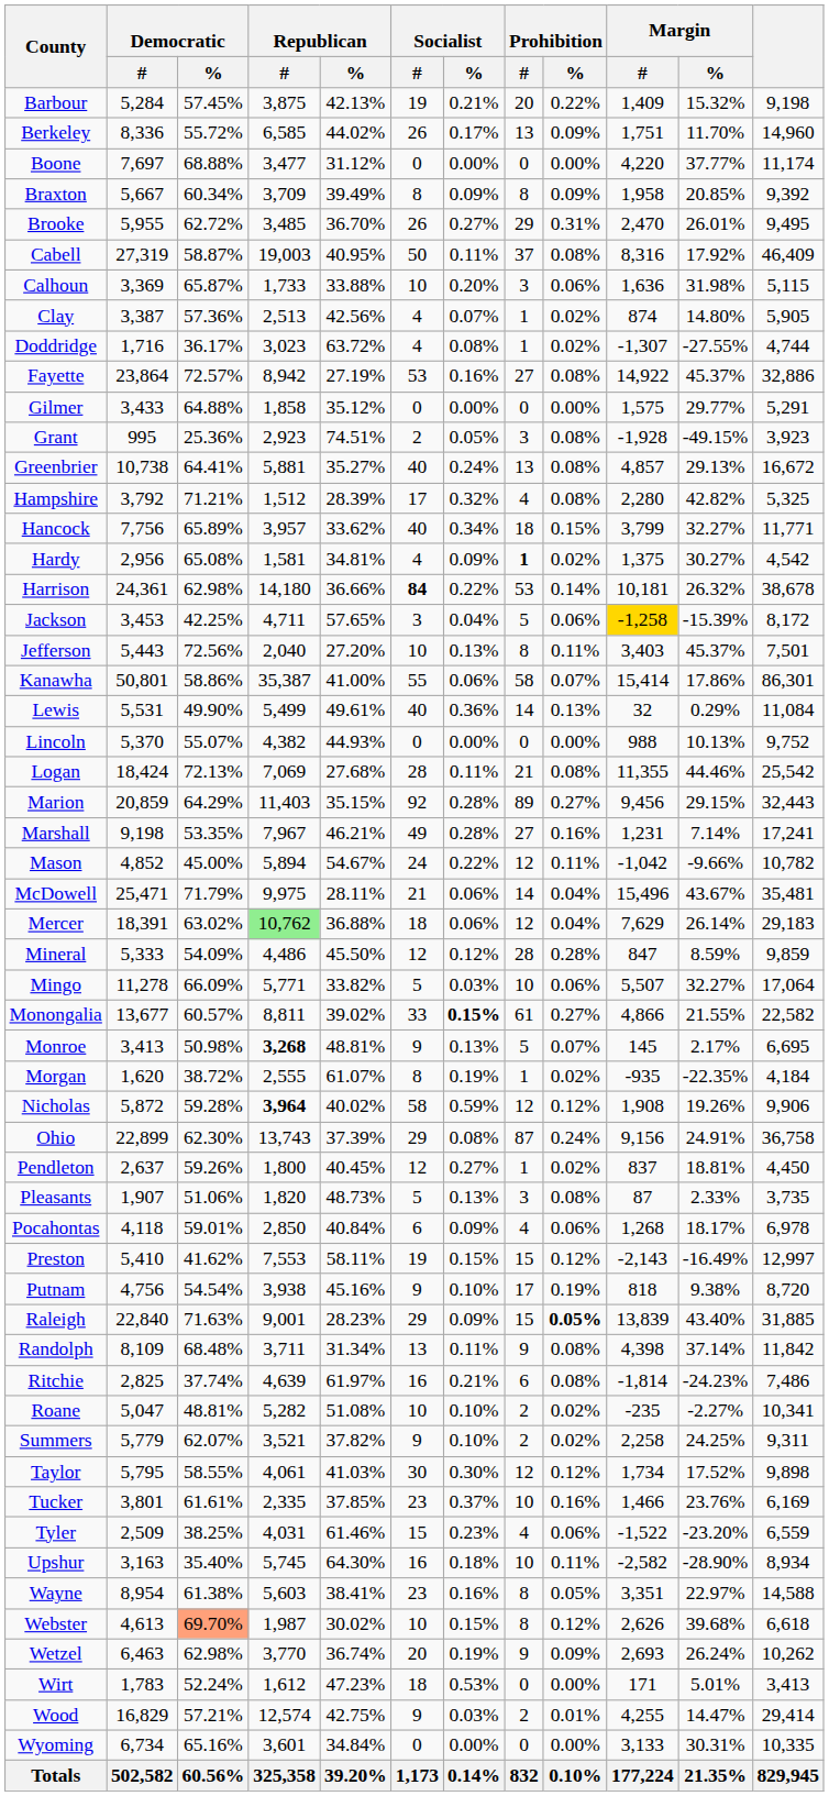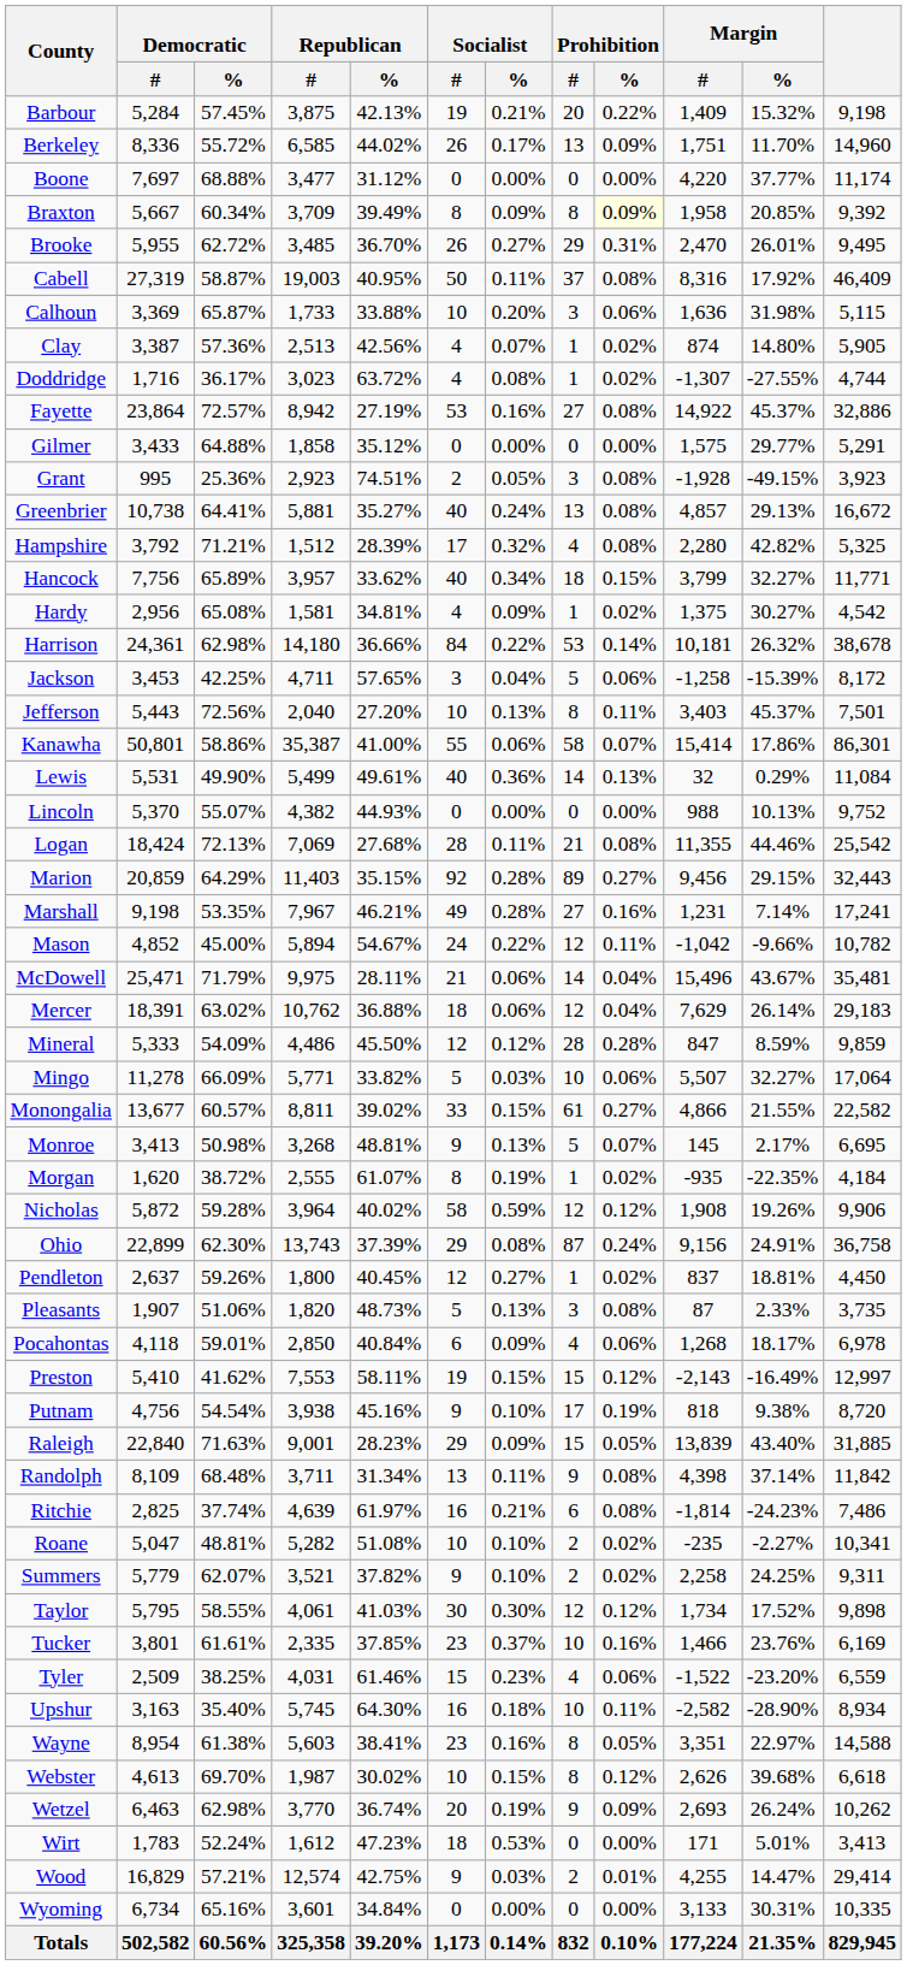 <table class="wikitable sortable mw-collapsible mw-collapsed" style="text-align:center">
 <tr>
 <th rowspan="2">County</th>
 <th colspan="2"><br> Democratic</th>
 <th colspan="2"><br>Republican</th>
 <th colspan="2"><br>Socialist</th>
 <th colspan="2"><br>Prohibition</th>
 <th colspan="2">Margin</th>
 <th rowspan="2"></th>
 </tr>
 <tr>
 <th data-sort-type="number">#</th>
 <th data-sort-type="number">%</th>
 <th data-sort-type="number">#</th>
 <th data-sort-type="number">%</th>
 <th data-sort-type="number">#</th>
 <th data-sort-type="number">%</th>
 <th data-sort-type="number">#</th>
 <th data-sort-type="number">%</th>
 <th data-sort-type="number">#</th>
 <th data-sort-type="number">%</th>
 </tr>
 <tr style="text-align:center;">
 <td><a href='#'>Barbour</a></td>
 <td>5,284</td>
 <td>57.45%</td>
 <td>3,875</td>
 <td>42.13%</td>
 <td>19</td>
 <td>0.21%</td>
 <td>20</td>
 <td>0.22%</td>
 <td>1,409</td>
 <td>15.32%</td>
 <td>9,198</td>
 </tr>
 <tr style="text-align:center;">
 <td><a href='#'>Berkeley</a></td>
 <td>8,336</td>
 <td>55.72%</td>
 <td>6,585</td>
 <td>44.02%</td>
 <td>26</td>
 <td>0.17%</td>
 <td>13</td>
 <td>0.09%</td>
 <td>1,751</td>
 <td>11.70%</td>
 <td>14,960</td>
 </tr>
 <tr style="text-align:center;">
 <td><a href='#'>Boone</a></td>
 <td>7,697</td>
 <td>68.88%</td>
 <td>3,477</td>
 <td>31.12%</td>
 <td>0</td>
 <td>0.00%</td>
 <td>0</td>
 <td>0.00%</td>
 <td>4,220</td>
 <td>37.77%</td>
 <td>11,174</td>
 </tr>
 <tr style="text-align:center;">
 <td><a href='#'>Braxton</a></td>
 <td>5,667</td>
 <td>60.34%</td>
 <td>3,709</td>
 <td>39.49%</td>
 <td>8</td>
 <td>0.09%</td>
 <td>8</td>
-<td>0.09%</td>
+<td style="background: lightyellow;">0.09%</td>
 <td>1,958</td>
 <td>20.85%</td>
 <td>9,392</td>
 </tr>
 <tr style="text-align:center;">
 <td><a href='#'>Brooke</a></td>
 <td>5,955</td>
 <td>62.72%</td>
 <td>3,485</td>
 <td>36.70%</td>
 <td>26</td>
 <td>0.27%</td>
 <td>29</td>
 <td>0.31%</td>
 <td>2,470</td>
 <td>26.01%</td>
 <td>9,495</td>
 </tr>
 <tr style="text-align:center;">
 <td><a href='#'>Cabell</a></td>
 <td>27,319</td>
 <td>58.87%</td>
 <td>19,003</td>
 <td>40.95%</td>
 <td>50</td>
 <td>0.11%</td>
 <td>37</td>
 <td>0.08%</td>
 <td>8,316</td>
 <td>17.92%</td>
 <td>46,409</td>
 </tr>
 <tr style="text-align:center;">
 <td><a href='#'>Calhoun</a></td>
 <td>3,369</td>
 <td>65.87%</td>
 <td>1,733</td>
 <td>33.88%</td>
 <td>10</td>
 <td>0.20%</td>
 <td>3</td>
 <td>0.06%</td>
 <td>1,636</td>
 <td>31.98%</td>
 <td>5,115</td>
 </tr>
 <tr style="text-align:center;">
 <td><a href='#'>Clay</a></td>
 <td>3,387</td>
 <td>57.36%</td>
 <td>2,513</td>
 <td>42.56%</td>
 <td>4</td>
 <td>0.07%</td>
 <td>1</td>
 <td>0.02%</td>
 <td>874</td>
 <td>14.80%</td>
 <td>5,905</td>
 </tr>
 <tr style="text-align:center;">
 <td><a href='#'>Doddridge</a></td>
 <td>1,716</td>
 <td>36.17%</td>
 <td>3,023</td>
 <td>63.72%</td>
 <td>4</td>
 <td>0.08%</td>
 <td>1</td>
 <td>0.02%</td>
 <td>-1,307</td>
 <td>-27.55%</td>
 <td>4,744</td>
 </tr>
 <tr style="text-align:center;">
 <td><a href='#'>Fayette</a></td>
 <td>23,864</td>
 <td>72.57%</td>
 <td>8,942</td>
 <td>27.19%</td>
 <td>53</td>
 <td>0.16%</td>
 <td>27</td>
 <td>0.08%</td>
 <td>14,922</td>
 <td>45.37%</td>
 <td>32,886</td>
 </tr>
 <tr style="text-align:center;">
 <td><a href='#'>Gilmer</a></td>
 <td>3,433</td>
 <td>64.88%</td>
 <td>1,858</td>
 <td>35.12%</td>
 <td>0</td>
 <td>0.00%</td>
 <td>0</td>
 <td>0.00%</td>
 <td>1,575</td>
 <td>29.77%</td>
 <td>5,291</td>
 </tr>
 <tr style="text-align:center;">
 <td><a href='#'>Grant</a></td>
 <td>995</td>
 <td>25.36%</td>
 <td>2,923</td>
 <td>74.51%</td>
 <td>2</td>
 <td>0.05%</td>
 <td>3</td>
 <td>0.08%</td>
 <td>-1,928</td>
 <td>-49.15%</td>
 <td>3,923</td>
 </tr>
 <tr style="text-align:center;">
 <td><a href='#'>Greenbrier</a></td>
 <td>10,738</td>
 <td>64.41%</td>
 <td>5,881</td>
 <td>35.27%</td>
 <td>40</td>
 <td>0.24%</td>
 <td>13</td>
 <td>0.08%</td>
 <td>4,857</td>
 <td>29.13%</td>
 <td>16,672</td>
 </tr>
 <tr style="text-align:center;">
 <td><a href='#'>Hampshire</a></td>
 <td>3,792</td>
 <td>71.21%</td>
 <td>1,512</td>
 <td>28.39%</td>
 <td>17</td>
 <td>0.32%</td>
 <td>4</td>
 <td>0.08%</td>
 <td>2,280</td>
 <td>42.82%</td>
 <td>5,325</td>
 </tr>
 <tr style="text-align:center;">
 <td><a href='#'>Hancock</a></td>
 <td>7,756</td>
 <td>65.89%</td>
 <td>3,957</td>
 <td>33.62%</td>
 <td>40</td>
 <td>0.34%</td>
 <td>18</td>
 <td>0.15%</td>
 <td>3,799</td>
 <td>32.27%</td>
 <td>11,771</td>
 </tr>
 <tr style="text-align:center;">
 <td><a href='#'>Hardy</a></td>
 <td>2,956</td>
 <td>65.08%</td>
 <td>1,581</td>
 <td>34.81%</td>
 <td>4</td>
 <td>0.09%</td>
-<td><strong>1</strong></td>
+<td>1</td>
 <td>0.02%</td>
 <td>1,375</td>
 <td>30.27%</td>
 <td>4,542</td>
 </tr>
 <tr style="text-align:center;">
 <td><a href='#'>Harrison</a></td>
 <td>24,361</td>
 <td>62.98%</td>
 <td>14,180</td>
 <td>36.66%</td>
-<td><strong>84</strong></td>
+<td>84</td>
 <td>0.22%</td>
 <td>53</td>
 <td>0.14%</td>
 <td>10,181</td>
 <td>26.32%</td>
 <td>38,678</td>
 </tr>
 <tr style="text-align:center;">
 <td><a href='#'>Jackson</a></td>
 <td>3,453</td>
 <td>42.25%</td>
 <td>4,711</td>
 <td>57.65%</td>
 <td>3</td>
 <td>0.04%</td>
 <td>5</td>
 <td>0.06%</td>
-<td style="background: gold;">-1,258</td>
+<td>-1,258</td>
 <td>-15.39%</td>
 <td>8,172</td>
 </tr>
 <tr style="text-align:center;">
 <td><a href='#'>Jefferson</a></td>
 <td>5,443</td>
 <td>72.56%</td>
 <td>2,040</td>
 <td>27.20%</td>
 <td>10</td>
 <td>0.13%</td>
 <td>8</td>
 <td>0.11%</td>
 <td>3,403</td>
 <td>45.37%</td>
 <td>7,501</td>
 </tr>
 <tr style="text-align:center;">
 <td><a href='#'>Kanawha</a></td>
 <td>50,801</td>
 <td>58.86%</td>
 <td>35,387</td>
 <td>41.00%</td>
 <td>55</td>
 <td>0.06%</td>
 <td>58</td>
 <td>0.07%</td>
 <td>15,414</td>
 <td>17.86%</td>
 <td>86,301</td>
 </tr>
 <tr style="text-align:center;">
 <td><a href='#'>Lewis</a></td>
 <td>5,531</td>
 <td>49.90%</td>
 <td>5,499</td>
 <td>49.61%</td>
 <td>40</td>
 <td>0.36%</td>
 <td>14</td>
 <td>0.13%</td>
 <td>32</td>
 <td>0.29%</td>
 <td>11,084</td>
 </tr>
 <tr style="text-align:center;">
 <td><a href='#'>Lincoln</a></td>
 <td>5,370</td>
 <td>55.07%</td>
 <td>4,382</td>
 <td>44.93%</td>
 <td>0</td>
 <td>0.00%</td>
 <td>0</td>
 <td>0.00%</td>
 <td>988</td>
 <td>10.13%</td>
 <td>9,752</td>
 </tr>
 <tr style="text-align:center;">
 <td><a href='#'>Logan</a></td>
 <td>18,424</td>
 <td>72.13%</td>
 <td>7,069</td>
 <td>27.68%</td>
 <td>28</td>
 <td>0.11%</td>
 <td>21</td>
 <td>0.08%</td>
 <td>11,355</td>
 <td>44.46%</td>
 <td>25,542</td>
 </tr>
 <tr style="text-align:center;">
 <td><a href='#'>Marion</a></td>
 <td>20,859</td>
 <td>64.29%</td>
 <td>11,403</td>
 <td>35.15%</td>
 <td>92</td>
 <td>0.28%</td>
 <td>89</td>
 <td>0.27%</td>
 <td>9,456</td>
 <td>29.15%</td>
 <td>32,443</td>
 </tr>
 <tr style="text-align:center;">
 <td><a href='#'>Marshall</a></td>
 <td>9,198</td>
 <td>53.35%</td>
 <td>7,967</td>
 <td>46.21%</td>
 <td>49</td>
 <td>0.28%</td>
 <td>27</td>
 <td>0.16%</td>
 <td>1,231</td>
 <td>7.14%</td>
 <td>17,241</td>
 </tr>
 <tr style="text-align:center;">
 <td><a href='#'>Mason</a></td>
 <td>4,852</td>
 <td>45.00%</td>
 <td>5,894</td>
 <td>54.67%</td>
 <td>24</td>
 <td>0.22%</td>
 <td>12</td>
 <td>0.11%</td>
 <td>-1,042</td>
 <td>-9.66%</td>
 <td>10,782</td>
 </tr>
 <tr style="text-align:center;">
 <td><a href='#'>McDowell</a></td>
 <td>25,471</td>
 <td>71.79%</td>
 <td>9,975</td>
 <td>28.11%</td>
 <td>21</td>
 <td>0.06%</td>
 <td>14</td>
 <td>0.04%</td>
 <td>15,496</td>
 <td>43.67%</td>
 <td>35,481</td>
 </tr>
 <tr style="text-align:center;">
 <td><a href='#'>Mercer</a></td>
 <td>18,391</td>
 <td>63.02%</td>
-<td style="background: lightgreen;">10,762</td>
+<td>10,762</td>
 <td>36.88%</td>
 <td>18</td>
 <td>0.06%</td>
 <td>12</td>
 <td>0.04%</td>
 <td>7,629</td>
 <td>26.14%</td>
 <td>29,183</td>
 </tr>
 <tr style="text-align:center;">
 <td><a href='#'>Mineral</a></td>
 <td>5,333</td>
 <td>54.09%</td>
 <td>4,486</td>
 <td>45.50%</td>
 <td>12</td>
 <td>0.12%</td>
 <td>28</td>
 <td>0.28%</td>
 <td>847</td>
 <td>8.59%</td>
 <td>9,859</td>
 </tr>
 <tr style="text-align:center;">
 <td><a href='#'>Mingo</a></td>
 <td>11,278</td>
 <td>66.09%</td>
 <td>5,771</td>
 <td>33.82%</td>
 <td>5</td>
 <td>0.03%</td>
 <td>10</td>
 <td>0.06%</td>
 <td>5,507</td>
 <td>32.27%</td>
 <td>17,064</td>
 </tr>
 <tr style="text-align:center;">
 <td><a href='#'>Monongalia</a></td>
 <td>13,677</td>
 <td>60.57%</td>
 <td>8,811</td>
 <td>39.02%</td>
 <td>33</td>
-<td><strong>0.15%</strong></td>
+<td>0.15%</td>
 <td>61</td>
 <td>0.27%</td>
 <td>4,866</td>
 <td>21.55%</td>
 <td>22,582</td>
 </tr>
 <tr style="text-align:center;">
 <td><a href='#'>Monroe</a></td>
 <td>3,413</td>
 <td>50.98%</td>
-<td><strong>3,268</strong></td>
+<td>3,268</td>
 <td>48.81%</td>
 <td>9</td>
 <td>0.13%</td>
 <td>5</td>
 <td>0.07%</td>
 <td>145</td>
 <td>2.17%</td>
 <td>6,695</td>
 </tr>
 <tr style="text-align:center;">
 <td><a href='#'>Morgan</a></td>
 <td>1,620</td>
 <td>38.72%</td>
 <td>2,555</td>
 <td>61.07%</td>
 <td>8</td>
 <td>0.19%</td>
 <td>1</td>
 <td>0.02%</td>
 <td>-935</td>
 <td>-22.35%</td>
 <td>4,184</td>
 </tr>
 <tr style="text-align:center;">
 <td><a href='#'>Nicholas</a></td>
 <td>5,872</td>
 <td>59.28%</td>
-<td><strong>3,964</strong></td>
+<td>3,964</td>
 <td>40.02%</td>
 <td>58</td>
 <td>0.59%</td>
 <td>12</td>
 <td>0.12%</td>
 <td>1,908</td>
 <td>19.26%</td>
 <td>9,906</td>
 </tr>
 <tr style="text-align:center;">
 <td><a href='#'>Ohio</a></td>
 <td>22,899</td>
 <td>62.30%</td>
 <td>13,743</td>
 <td>37.39%</td>
 <td>29</td>
 <td>0.08%</td>
 <td>87</td>
 <td>0.24%</td>
 <td>9,156</td>
 <td>24.91%</td>
 <td>36,758</td>
 </tr>
 <tr style="text-align:center;">
 <td><a href='#'>Pendleton</a></td>
 <td>2,637</td>
 <td>59.26%</td>
 <td>1,800</td>
 <td>40.45%</td>
 <td>12</td>
 <td>0.27%</td>
 <td>1</td>
 <td>0.02%</td>
 <td>837</td>
 <td>18.81%</td>
 <td>4,450</td>
 </tr>
 <tr style="text-align:center;">
 <td><a href='#'>Pleasants</a></td>
 <td>1,907</td>
 <td>51.06%</td>
 <td>1,820</td>
 <td>48.73%</td>
 <td>5</td>
 <td>0.13%</td>
 <td>3</td>
 <td>0.08%</td>
 <td>87</td>
 <td>2.33%</td>
 <td>3,735</td>
 </tr>
 <tr style="text-align:center;">
 <td><a href='#'>Pocahontas</a></td>
 <td>4,118</td>
 <td>59.01%</td>
 <td>2,850</td>
 <td>40.84%</td>
 <td>6</td>
 <td>0.09%</td>
 <td>4</td>
 <td>0.06%</td>
 <td>1,268</td>
 <td>18.17%</td>
 <td>6,978</td>
 </tr>
 <tr style="text-align:center;">
 <td><a href='#'>Preston</a></td>
 <td>5,410</td>
 <td>41.62%</td>
 <td>7,553</td>
 <td>58.11%</td>
 <td>19</td>
 <td>0.15%</td>
 <td>15</td>
 <td>0.12%</td>
 <td>-2,143</td>
 <td>-16.49%</td>
 <td>12,997</td>
 </tr>
 <tr style="text-align:center;">
 <td><a href='#'>Putnam</a></td>
 <td>4,756</td>
 <td>54.54%</td>
 <td>3,938</td>
 <td>45.16%</td>
 <td>9</td>
 <td>0.10%</td>
 <td>17</td>
 <td>0.19%</td>
 <td>818</td>
 <td>9.38%</td>
 <td>8,720</td>
 </tr>
 <tr style="text-align:center;">
 <td><a href='#'>Raleigh</a></td>
 <td>22,840</td>
 <td>71.63%</td>
 <td>9,001</td>
 <td>28.23%</td>
 <td>29</td>
 <td>0.09%</td>
 <td>15</td>
-<td><strong>0.05%</strong></td>
+<td>0.05%</td>
 <td>13,839</td>
 <td>43.40%</td>
 <td>31,885</td>
 </tr>
 <tr style="text-align:center;">
 <td><a href='#'>Randolph</a></td>
 <td>8,109</td>
 <td>68.48%</td>
 <td>3,711</td>
 <td>31.34%</td>
 <td>13</td>
 <td>0.11%</td>
 <td>9</td>
 <td>0.08%</td>
 <td>4,398</td>
 <td>37.14%</td>
 <td>11,842</td>
 </tr>
 <tr style="text-align:center;">
 <td><a href='#'>Ritchie</a></td>
 <td>2,825</td>
 <td>37.74%</td>
 <td>4,639</td>
 <td>61.97%</td>
 <td>16</td>
 <td>0.21%</td>
 <td>6</td>
 <td>0.08%</td>
 <td>-1,814</td>
 <td>-24.23%</td>
 <td>7,486</td>
 </tr>
 <tr style="text-align:center;">
 <td><a href='#'>Roane</a></td>
 <td>5,047</td>
 <td>48.81%</td>
 <td>5,282</td>
 <td>51.08%</td>
 <td>10</td>
 <td>0.10%</td>
 <td>2</td>
 <td>0.02%</td>
 <td>-235</td>
 <td>-2.27%</td>
 <td>10,341</td>
 </tr>
 <tr style="text-align:center;">
 <td><a href='#'>Summers</a></td>
 <td>5,779</td>
 <td>62.07%</td>
 <td>3,521</td>
 <td>37.82%</td>
 <td>9</td>
 <td>0.10%</td>
 <td>2</td>
 <td>0.02%</td>
 <td>2,258</td>
 <td>24.25%</td>
 <td>9,311</td>
 </tr>
 <tr style="text-align:center;">
 <td><a href='#'>Taylor</a></td>
 <td>5,795</td>
 <td>58.55%</td>
 <td>4,061</td>
 <td>41.03%</td>
 <td>30</td>
 <td>0.30%</td>
 <td>12</td>
 <td>0.12%</td>
 <td>1,734</td>
 <td>17.52%</td>
 <td>9,898</td>
 </tr>
 <tr style="text-align:center;">
 <td><a href='#'>Tucker</a></td>
 <td>3,801</td>
 <td>61.61%</td>
 <td>2,335</td>
 <td>37.85%</td>
 <td>23</td>
 <td>0.37%</td>
 <td>10</td>
 <td>0.16%</td>
 <td>1,466</td>
 <td>23.76%</td>
 <td>6,169</td>
 </tr>
 <tr style="text-align:center;">
 <td><a href='#'>Tyler</a></td>
 <td>2,509</td>
 <td>38.25%</td>
 <td>4,031</td>
 <td>61.46%</td>
 <td>15</td>
 <td>0.23%</td>
 <td>4</td>
 <td>0.06%</td>
 <td>-1,522</td>
 <td>-23.20%</td>
 <td>6,559</td>
 </tr>
 <tr style="text-align:center;">
 <td><a href='#'>Upshur</a></td>
 <td>3,163</td>
 <td>35.40%</td>
 <td>5,745</td>
 <td>64.30%</td>
 <td>16</td>
 <td>0.18%</td>
 <td>10</td>
 <td>0.11%</td>
 <td>-2,582</td>
 <td>-28.90%</td>
 <td>8,934</td>
 </tr>
 <tr style="text-align:center;">
 <td><a href='#'>Wayne</a></td>
 <td>8,954</td>
 <td>61.38%</td>
 <td>5,603</td>
 <td>38.41%</td>
 <td>23</td>
 <td>0.16%</td>
 <td>8</td>
 <td>0.05%</td>
 <td>3,351</td>
 <td>22.97%</td>
 <td>14,588</td>
 </tr>
 <tr style="text-align:center;">
 <td><a href='#'>Webster</a></td>
 <td>4,613</td>
-<td style="background: lightsalmon;">69.70%</td>
+<td>69.70%</td>
 <td>1,987</td>
 <td>30.02%</td>
 <td>10</td>
 <td>0.15%</td>
 <td>8</td>
 <td>0.12%</td>
 <td>2,626</td>
 <td>39.68%</td>
 <td>6,618</td>
 </tr>
 <tr style="text-align:center;">
 <td><a href='#'>Wetzel</a></td>
 <td>6,463</td>
 <td>62.98%</td>
 <td>3,770</td>
 <td>36.74%</td>
 <td>20</td>
 <td>0.19%</td>
 <td>9</td>
 <td>0.09%</td>
 <td>2,693</td>
 <td>26.24%</td>
 <td>10,262</td>
 </tr>
 <tr style="text-align:center;">
 <td><a href='#'>Wirt</a></td>
 <td>1,783</td>
 <td>52.24%</td>
 <td>1,612</td>
 <td>47.23%</td>
 <td>18</td>
 <td>0.53%</td>
 <td>0</td>
 <td>0.00%</td>
 <td>171</td>
 <td>5.01%</td>
 <td>3,413</td>
 </tr>
 <tr style="text-align:center;">
 <td><a href='#'>Wood</a></td>
 <td>16,829</td>
 <td>57.21%</td>
 <td>12,574</td>
 <td>42.75%</td>
 <td>9</td>
 <td>0.03%</td>
 <td>2</td>
 <td>0.01%</td>
 <td>4,255</td>
 <td>14.47%</td>
 <td>29,414</td>
 </tr>
 <tr style="text-align:center;">
 <td><a href='#'>Wyoming</a></td>
 <td>6,734</td>
 <td>65.16%</td>
 <td>3,601</td>
 <td>34.84%</td>
 <td>0</td>
 <td>0.00%</td>
 <td>0</td>
 <td>0.00%</td>
 <td>3,133</td>
 <td>30.31%</td>
 <td>10,335</td>
 </tr>
 <tr>
 <th>Totals</th>
 <th>502,582</th>
 <th>60.56%</th>
 <th>325,358</th>
 <th>39.20%</th>
 <th>1,173</th>
 <th>0.14%</th>
 <th>832</th>
 <th>0.10%</th>
 <th>177,224</th>
 <th>21.35%</th>
 <th>829,945</th>
 </tr>
 </table>
